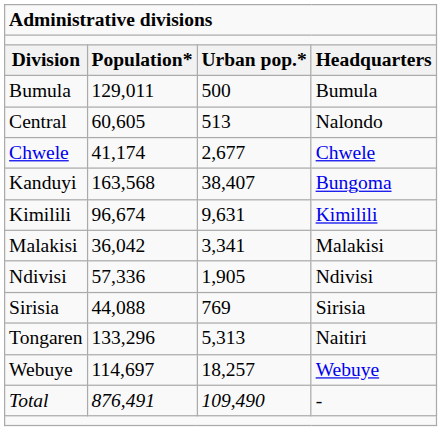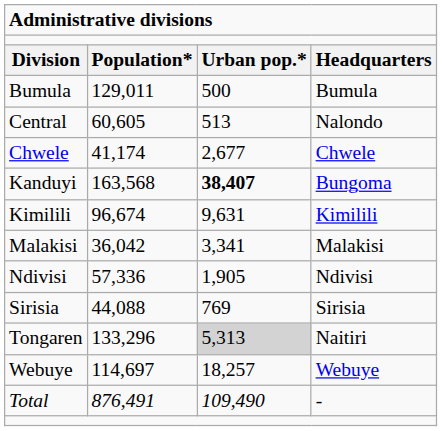 <table class="wikitable">
 <tr>
 <td colspan="4"><strong>Administrative divisions</strong></td>
 </tr>
 <tr>
 <td colspan="4"></td>
 </tr>
 <tr>
 <th>Division</th>
 <th>Population*</th>
 <th>Urban pop.*</th>
 <th>Headquarters</th>
 </tr>
 <tr>
 <td>Bumula</td>
 <td>129,011</td>
 <td>500</td>
 <td>Bumula</td>
 </tr>
 <tr>
 <td>Central</td>
 <td>60,605</td>
 <td>513</td>
 <td>Nalondo</td>
 </tr>
 <tr>
 <td><a href='#'>Chwele</a></td>
 <td>41,174</td>
 <td>2,677</td>
 <td><a href='#'>Chwele</a></td>
 </tr>
 <tr>
 <td>Kanduyi</td>
 <td>163,568</td>
-<td>38,407</td>
+<td><strong>38,407</strong></td>
 <td><a href='#'>Bungoma</a></td>
 </tr>
 <tr>
 <td>Kimilili</td>
 <td>96,674</td>
 <td>9,631</td>
 <td><a href='#'>Kimilili</a></td>
 </tr>
 <tr>
 <td>Malakisi</td>
 <td>36,042</td>
 <td>3,341</td>
 <td>Malakisi</td>
 </tr>
 <tr>
 <td>Ndivisi</td>
 <td>57,336</td>
 <td>1,905</td>
 <td>Ndivisi</td>
 </tr>
 <tr>
 <td>Sirisia</td>
 <td>44,088</td>
 <td>769</td>
 <td>Sirisia</td>
 </tr>
 <tr>
 <td>Tongaren</td>
 <td>133,296</td>
-<td>5,313</td>
+<td style="background: lightgrey;">5,313</td>
 <td>Naitiri</td>
 </tr>
 <tr>
 <td>Webuye</td>
 <td>114,697</td>
 <td>18,257</td>
 <td><a href='#'>Webuye</a></td>
 </tr>
 <tr>
 <td><em>Total</em></td>
 <td><em>876,491</em></td>
 <td><em>109,490</em></td>
 <td>-</td>
 </tr>
 <tr>
 <td colspan="4"></td>
 </tr>
 </table>
